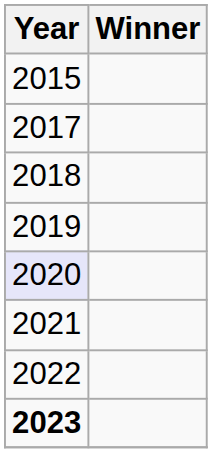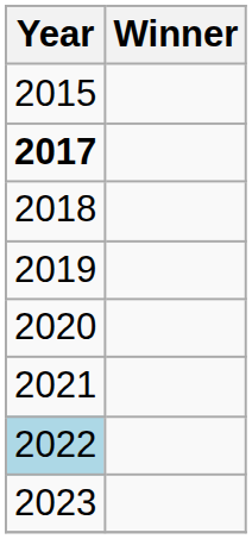 <table class="wikitable">
 <tr>
 <th>Year</th>
 <th>Winner</th>
 </tr>
 <tr>
 <td>2015</td>
 <td></td>
 </tr>
 <tr>
-<td>2017</td>
+<td><strong>2017</strong></td>
 <td></td>
 </tr>
 <tr>
 <td>2018</td>
 <td></td>
 </tr>
 <tr>
 <td>2019</td>
 <td> </td>
 </tr>
 <tr>
-<td style="background: lavender;">2020</td>
+<td>2020</td>
 <td></td>
 </tr>
 <tr>
 <td>2021</td>
 <td></td>
 </tr>
 <tr>
-<td>2022</td>
+<td style="background: lightblue;">2022</td>
 <td></td>
 </tr>
 <tr>
-<td><strong>2023</strong></td>
+<td>2023</td>
 <td></td>
 </tr>
 <tr>
 </tr>
 </table>
